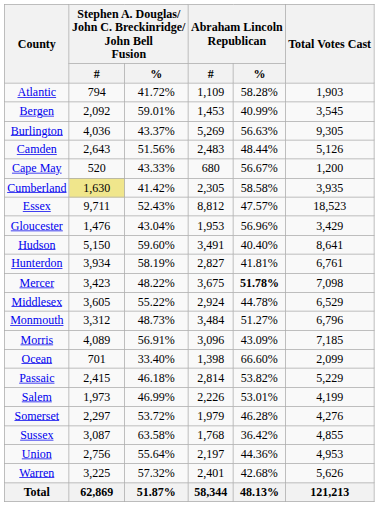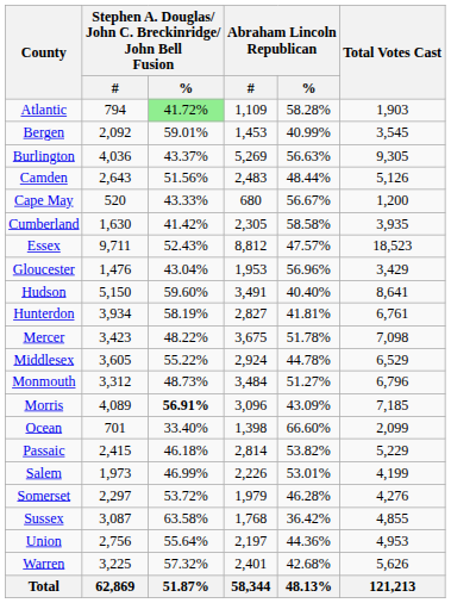 <table class="wikitable sortable">
 <tr>
 <th rowspan="2">County</th>
 <th colspan="2">Stephen A. Douglas/<br>John C. Breckinridge/<br>John Bell<br>Fusion</th>
 <th colspan="2">Abraham Lincoln<br>Republican</th>
 <th rowspan="2">Total Votes Cast</th>
 </tr>
 <tr style="text-align:center;">
 <th>#</th>
 <th>%</th>
 <th>#</th>
 <th>%</th>
 </tr>
 <tr style="text-align:center;">
 <td><a href='#'>Atlantic</a></td>
 <td>794</td>
-<td>41.72%</td>
+<td style="background: lightgreen;">41.72%</td>
 <td>1,109</td>
 <td>58.28%</td>
 <td>1,903</td>
 </tr>
 <tr style="text-align:center;">
 <td><a href='#'>Bergen</a></td>
 <td>2,092</td>
 <td>59.01%</td>
 <td>1,453</td>
 <td>40.99%</td>
 <td>3,545</td>
 </tr>
 <tr style="text-align:center;">
 <td><a href='#'>Burlington</a></td>
 <td>4,036</td>
 <td>43.37%</td>
 <td>5,269</td>
 <td>56.63%</td>
 <td>9,305</td>
 </tr>
 <tr style="text-align:center;">
 <td><a href='#'>Camden</a></td>
 <td>2,643</td>
 <td>51.56%</td>
 <td>2,483</td>
 <td>48.44%</td>
 <td>5,126</td>
 </tr>
 <tr style="text-align:center;">
 <td><a href='#'>Cape May</a></td>
 <td>520</td>
 <td>43.33%</td>
 <td>680</td>
 <td>56.67%</td>
 <td>1,200</td>
 </tr>
 <tr style="text-align:center;">
 <td><a href='#'>Cumberland</a></td>
-<td style="background: khaki;">1,630</td>
+<td>1,630</td>
 <td>41.42%</td>
 <td>2,305</td>
 <td>58.58%</td>
 <td>3,935</td>
 </tr>
 <tr style="text-align:center;">
 <td><a href='#'>Essex</a></td>
 <td>9,711</td>
 <td>52.43%</td>
 <td>8,812</td>
 <td>47.57%</td>
 <td>18,523</td>
 </tr>
 <tr style="text-align:center;">
 <td><a href='#'>Gloucester</a></td>
 <td>1,476</td>
 <td>43.04%</td>
 <td>1,953</td>
 <td>56.96%</td>
 <td>3,429</td>
 </tr>
 <tr style="text-align:center;">
 <td><a href='#'>Hudson</a></td>
 <td>5,150</td>
 <td>59.60%</td>
 <td>3,491</td>
 <td>40.40%</td>
 <td>8,641</td>
 </tr>
 <tr style="text-align:center;">
 <td><a href='#'>Hunterdon</a></td>
 <td>3,934</td>
 <td>58.19%</td>
 <td>2,827</td>
 <td>41.81%</td>
 <td>6,761</td>
 </tr>
 <tr style="text-align:center;">
 <td><a href='#'>Mercer</a></td>
 <td>3,423</td>
 <td>48.22%</td>
 <td>3,675</td>
-<td><strong>51.78%</strong></td>
+<td>51.78%</td>
 <td>7,098</td>
 </tr>
 <tr style="text-align:center;">
 <td><a href='#'>Middlesex</a></td>
 <td>3,605</td>
 <td>55.22%</td>
 <td>2,924</td>
 <td>44.78%</td>
 <td>6,529</td>
 </tr>
 <tr style="text-align:center;">
 <td><a href='#'>Monmouth</a></td>
 <td>3,312</td>
 <td>48.73%</td>
 <td>3,484</td>
 <td>51.27%</td>
 <td>6,796</td>
 </tr>
 <tr style="text-align:center;">
 <td><a href='#'>Morris</a></td>
 <td>4,089</td>
-<td>56.91%</td>
+<td><strong>56.91%</strong></td>
 <td>3,096</td>
 <td>43.09%</td>
 <td>7,185</td>
 </tr>
 <tr style="text-align:center;">
 <td><a href='#'>Ocean</a></td>
 <td>701</td>
 <td>33.40%</td>
 <td>1,398</td>
 <td>66.60%</td>
 <td>2,099</td>
 </tr>
 <tr style="text-align:center;">
 <td><a href='#'>Passaic</a></td>
 <td>2,415</td>
 <td>46.18%</td>
 <td>2,814</td>
 <td>53.82%</td>
 <td>5,229</td>
 </tr>
 <tr style="text-align:center;">
 <td><a href='#'>Salem</a></td>
 <td>1,973</td>
 <td>46.99%</td>
 <td>2,226</td>
 <td>53.01%</td>
 <td>4,199</td>
 </tr>
 <tr style="text-align:center;">
 <td><a href='#'>Somerset</a></td>
 <td>2,297</td>
 <td>53.72%</td>
 <td>1,979</td>
 <td>46.28%</td>
 <td>4,276</td>
 </tr>
 <tr style="text-align:center;">
 <td><a href='#'>Sussex</a></td>
 <td>3,087</td>
 <td>63.58%</td>
 <td>1,768</td>
 <td>36.42%</td>
 <td>4,855</td>
 </tr>
 <tr style="text-align:center;">
 <td><a href='#'>Union</a></td>
 <td>2,756</td>
 <td>55.64%</td>
 <td>2,197</td>
 <td>44.36%</td>
 <td>4,953</td>
 </tr>
 <tr style="text-align:center;">
 <td><a href='#'>Warren</a></td>
 <td>3,225</td>
 <td>57.32%</td>
 <td>2,401</td>
 <td>42.68%</td>
 <td>5,626</td>
 </tr>
 <tr style="text-align:center;">
 <th>Total</th>
 <th>62,869</th>
 <th>51.87%</th>
 <th>58,344</th>
 <th>48.13%</th>
 <th>121,213</th>
 </tr>
 </table>
